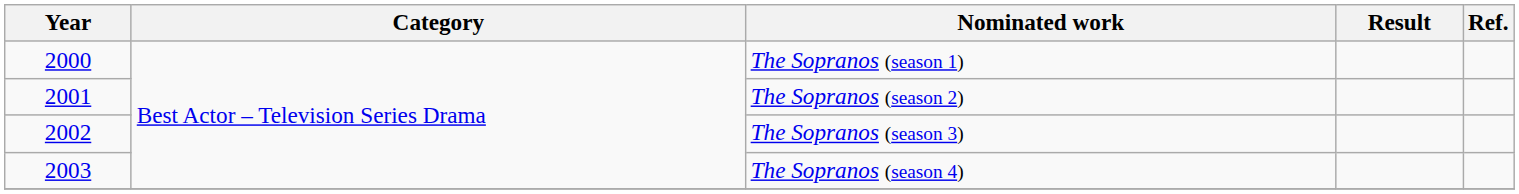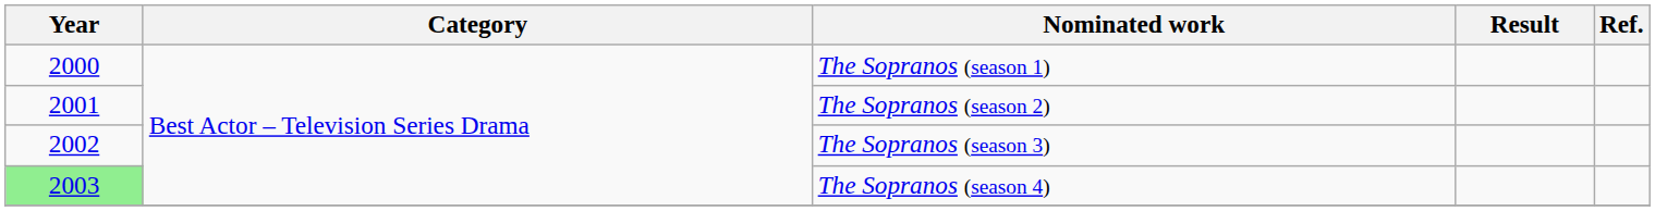 <table class=wikitable>
 <tr>
 <th scope="col" style="width:5em;">Year</th>
 <th scope="col" style="width:26em;">Category</th>
 <th scope="col" style="width:25em;">Nominated work</th>
 <th scope="col" style="width:5em;">Result</th>
 <th>Ref.</th>
 </tr>
 <tr>
 <td style="text-align:center;"><a href='#'>2000</a></td>
 <td rowspan="4"><a href='#'>Best Actor – Television Series Drama</a></td>
 <td><em><a href='#'>The Sopranos</a></em> <small> (<a href='#'>season 1</a>) </small></td>
 <td></td>
 <td style="text-align:center;"></td>
 </tr>
 <tr>
 <td style="text-align:center;"><a href='#'>2001</a></td>
 <td><em><a href='#'>The Sopranos</a></em> <small> (<a href='#'>season 2</a>) </small></td>
 <td></td>
 <td style="text-align:center;"></td>
 </tr>
 <tr>
 <td style="text-align:center;"><a href='#'>2002</a></td>
 <td><em><a href='#'>The Sopranos</a></em> <small> (<a href='#'>season 3</a>) </small></td>
 <td></td>
 <td style="text-align:center;"></td>
 </tr>
 <tr>
-<td style="text-align:center;"><a href='#'>2003</a></td>
+<td style="background: lightgreen; text-align:center;"><a href='#'>2003</a></td>
 <td><em><a href='#'>The Sopranos</a></em> <small> (<a href='#'>season 4</a>) </small></td>
 <td></td>
 <td style="text-align:center;"></td>
 </tr>
 <tr>
 </tr>
 </table>
